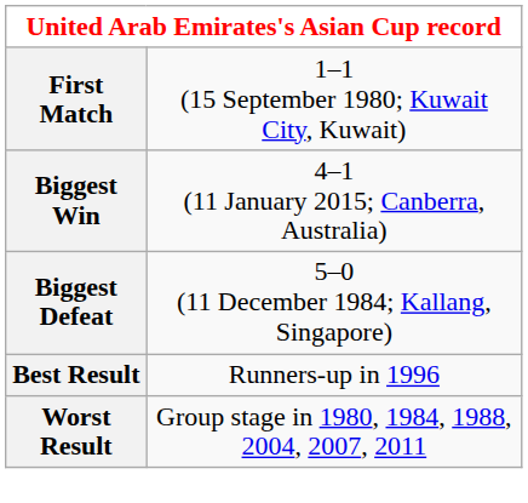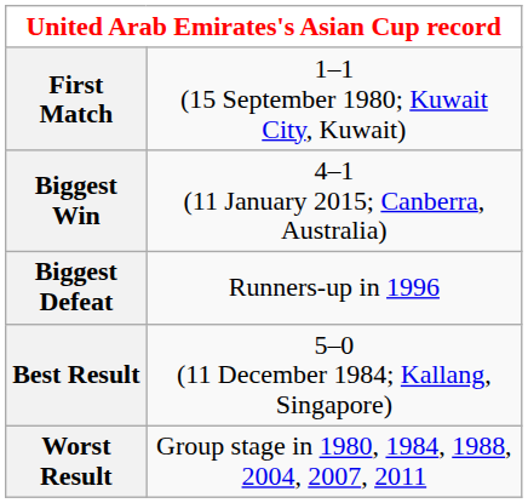 <table class="wikitable collapsible collapsed" style="width:50%; text-align:center;">
 <tr>
 <th style="background:white;color:red;" colspan="6"><strong>United Arab Emirates's Asian Cup record</strong></th>
 </tr>
 <tr>
 <th>First Match</th>
 <td> 1–1 <br>(15 September 1980; <a href='#'>Kuwait City</a>, Kuwait)</td>
 </tr>
 <tr>
 <th>Biggest Win</th>
 <td> 4–1 <br>(11 January 2015; <a href='#'>Canberra</a>, Australia)</td>
 </tr>
 <tr>
 <th>Biggest Defeat</th>
-<td> 5–0 <br>(11 December 1984; <a href='#'>Kallang</a>, Singapore)</td>
+<td>Runners-up in <a href='#'>1996</a></td>
 </tr>
 <tr>
 <th>Best Result</th>
-<td>Runners-up in <a href='#'>1996</a></td>
+<td> 5–0 <br>(11 December 1984; <a href='#'>Kallang</a>, Singapore)</td>
 </tr>
 <tr>
 <th>Worst Result</th>
 <td>Group stage in <a href='#'>1980</a>, <a href='#'>1984</a>, <a href='#'>1988</a>, <a href='#'>2004</a>, <a href='#'>2007</a>, <a href='#'>2011</a></td>
 </tr>
 </table>
